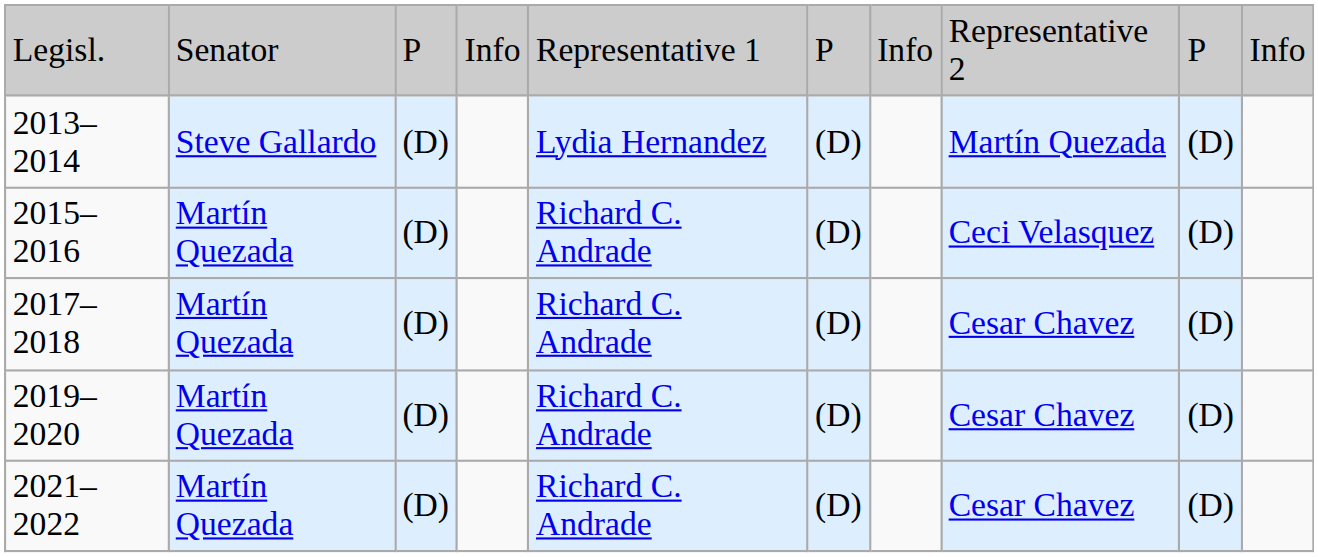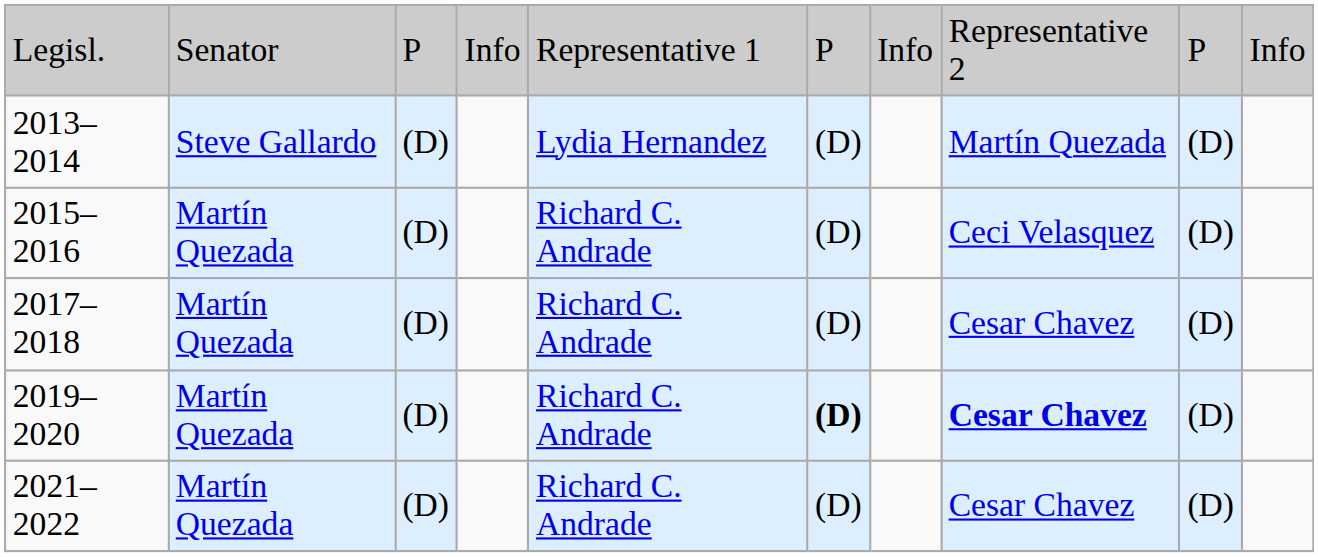 <table class=wikitable width="100%" border="1">
 <tr style="background-color:#cccccc;">
 <td>Legisl.</td>
 <td>Senator</td>
 <td>P</td>
 <td>Info</td>
 <td>Representative 1</td>
 <td>P</td>
 <td>Info</td>
 <td>Representative 2</td>
 <td>P</td>
 <td>Info</td>
 </tr>
 <tr>
 <td>2013–2014</td>
 <td style="background:#DDEEFF"><a href='#'>Steve Gallardo</a></td>
 <td style="background:#DDEEFF">(D)</td>
 <td></td>
 <td style="background:#DDEEFF"><a href='#'>Lydia Hernandez</a></td>
 <td style="background:#DDEEFF">(D)</td>
 <td></td>
 <td style="background:#DDEEFF"><a href='#'>Martín Quezada</a></td>
 <td style="background:#DDEEFF">(D)</td>
 <td></td>
 </tr>
 <tr>
 <td>2015–2016</td>
 <td style="background:#DDEEFF"><a href='#'>Martín Quezada</a></td>
 <td style="background:#DDEEFF">(D)</td>
 <td></td>
 <td style="background:#DDEEFF"><a href='#'>Richard C. Andrade</a></td>
 <td style="background:#DDEEFF">(D)</td>
 <td></td>
 <td style="background:#DDEEFF"><a href='#'>Ceci Velasquez</a></td>
 <td style="background:#DDEEFF">(D)</td>
 <td></td>
 </tr>
 <tr>
 <td>2017–2018</td>
 <td style="background:#DDEEFF"><a href='#'>Martín Quezada</a></td>
 <td style="background:#DDEEFF">(D)</td>
 <td></td>
 <td style="background:#DDEEFF"><a href='#'>Richard C. Andrade</a></td>
 <td style="background:#DDEEFF">(D)</td>
 <td></td>
 <td style="background:#DDEEFF"><a href='#'>Cesar Chavez</a></td>
 <td style="background:#DDEEFF">(D)</td>
 <td></td>
 </tr>
 <tr>
 <td>2019–2020</td>
 <td style="background:#DDEEFF"><a href='#'>Martín Quezada</a></td>
 <td style="background:#DDEEFF">(D)</td>
 <td></td>
 <td style="background:#DDEEFF"><a href='#'>Richard C. Andrade</a></td>
-<td style="background:#DDEEFF">(D)</td>
+<td style="background:#DDEEFF"><strong>(D)</strong></td>
 <td></td>
-<td style="background:#DDEEFF"><a href='#'>Cesar Chavez</a></td>
+<td style="background:#DDEEFF"><strong><a href='#'>Cesar Chavez</a></strong></td>
 <td style="background:#DDEEFF">(D)</td>
 <td></td>
 </tr>
 <tr>
 <td>2021–2022</td>
 <td style="background:#DDEEFF"><a href='#'>Martín Quezada</a></td>
 <td style="background:#DDEEFF">(D)</td>
 <td></td>
 <td style="background:#DDEEFF"><a href='#'>Richard C. Andrade</a></td>
 <td style="background:#DDEEFF">(D)</td>
 <td></td>
 <td style="background:#DDEEFF"><a href='#'>Cesar Chavez</a></td>
 <td style="background:#DDEEFF">(D)</td>
 <td></td>
 </tr>
 </table>
